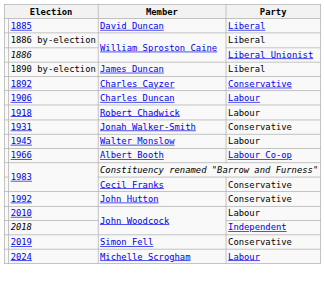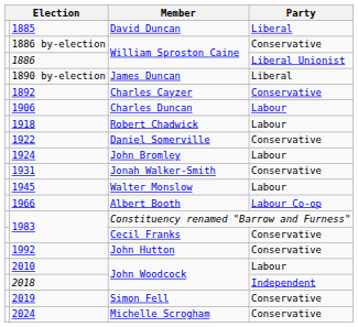 <table class="wikitable">
 <tr>
 <th colspan="2">Election</th>
 <th>Member</th>
 <th>Party</th>
 </tr>
 <tr>
 <td style="color:inherit;background-color: "></td>
 <td><a href='#'>1885</a></td>
 <td><a href='#'>David Duncan</a></td>
 <td><a href='#'>Liberal</a></td>
 </tr>
 <tr>
 <td style="color:inherit;background-color: "></td>
 <td>1886 by-election</td>
 <td rowspan="2"><a href='#'>William Sproston Caine</a></td>
-<td>Liberal</td>
+<td>Conservative</td>
 </tr>
 <tr>
 <td style="color:inherit;background-color: "></td>
 <td><em>1886</em></td>
 <td><a href='#'>Liberal Unionist</a></td>
 </tr>
 <tr>
 <td style="color:inherit;background-color: "></td>
 <td>1890 by-election</td>
 <td><a href='#'>James Duncan</a></td>
 <td>Liberal</td>
 </tr>
 <tr>
 <td style="color:inherit;background-color: "></td>
 <td><a href='#'>1892</a></td>
 <td><a href='#'>Charles Cayzer</a></td>
 <td><a href='#'>Conservative</a></td>
 </tr>
 <tr>
 <td style="color:inherit;background-color: "></td>
 <td><a href='#'>1906</a></td>
 <td><a href='#'>Charles Duncan</a></td>
 <td><a href='#'>Labour</a></td>
 </tr>
 <tr>
 <td style="color:inherit;background-color: "></td>
 <td><a href='#'>1918</a></td>
 <td><a href='#'>Robert Chadwick</a></td>
+<td>Labour</td>
+</tr>
+<tr>
+<td style="color:inherit;background-color: "></td>
+<td><a href='#'>1922</a></td>
+<td><a href='#'>Daniel Somerville</a></td>
+<td>Conservative</td>
+</tr>
+<tr>
+<td style="color:inherit;background-color: "></td>
+<td><a href='#'>1924</a></td>
+<td><a href='#'>John Bromley</a></td>
 <td>Labour</td>
 </tr>
 <tr>
 <td style="color:inherit;background-color: "></td>
 <td><a href='#'>1931</a></td>
 <td><a href='#'>Jonah Walker-Smith</a></td>
 <td>Conservative</td>
 </tr>
 <tr>
 <td style="color:inherit;background-color: "></td>
 <td><a href='#'>1945</a></td>
 <td><a href='#'>Walter Monslow</a></td>
 <td>Labour</td>
 </tr>
 <tr>
 <td style="color:inherit;background-color: "></td>
 <td><a href='#'>1966</a></td>
 <td><a href='#'>Albert Booth</a></td>
 <td><a href='#'>Labour Co-op</a></td>
 </tr>
 <tr>
 <td></td>
 <td rowspan="2"><a href='#'>1983</a></td>
 <td colspan="2"><em>Constituency renamed "Barrow and Furness"</em></td>
 </tr>
 <tr>
 <td style="color:inherit;background-color: "></td>
 <td><a href='#'>Cecil Franks</a></td>
 <td>Conservative</td>
 </tr>
 <tr>
 <td style="color:inherit;background-color: "></td>
 <td><a href='#'>1992</a></td>
 <td><a href='#'>John Hutton</a></td>
 <td>Conservative</td>
 </tr>
 <tr>
 <td style="color:inherit;background-color: "></td>
 <td><a href='#'>2010</a></td>
 <td rowspan="2"><a href='#'>John Woodcock</a></td>
 <td>Labour</td>
 </tr>
 <tr>
 <td style="color:inherit;background-color: "></td>
 <td><em>2018</em></td>
 <td><a href='#'>Independent</a></td>
 </tr>
 <tr>
 <td style="color:inherit;background-color: "></td>
 <td><a href='#'>2019</a></td>
 <td><a href='#'>Simon Fell</a></td>
 <td>Conservative</td>
 </tr>
 <tr>
 <td style="color:inherit;background-color: "></td>
 <td><a href='#'>2024</a></td>
 <td><a href='#'>Michelle Scrogham</a></td>
-<td><a href='#'>Labour</a></td>
+<td>Conservative</td>
 </tr>
 </table>
